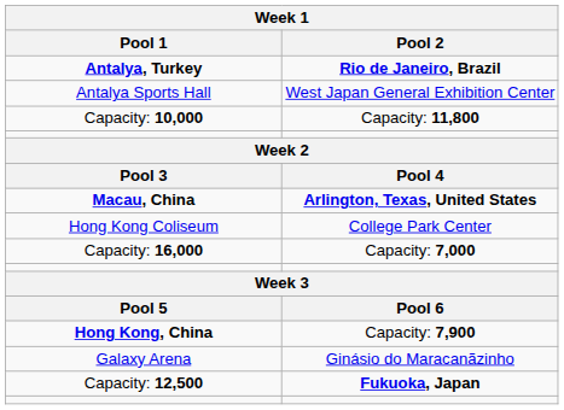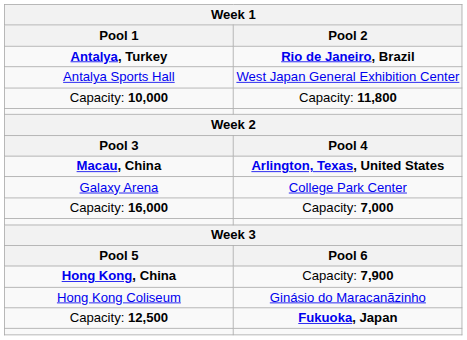 <table class="wikitable" style="text-align:center">
 <tr>
 <th width=100% colspan=2>Week 1</th>
 </tr>
 <tr>
 <th width=50%>Pool 1</th>
 <th width=50%>Pool 2</th>
 </tr>
 <tr>
 <td><strong><a href='#'>Antalya</a>, Turkey</strong></td>
 <td><strong><a href='#'>Rio de Janeiro</a>, Brazil</strong></td>
 </tr>
 <tr>
 <td><a href='#'>Antalya Sports Hall</a></td>
 <td><a href='#'>West Japan General Exhibition Center</a></td>
 </tr>
 <tr>
 <td>Capacity: <strong>10,000</strong></td>
 <td>Capacity: <strong>11,800</strong></td>
 </tr>
 <tr>
 <td></td>
 <td></td>
 </tr>
 <tr>
 <th width=100% colspan=2>Week 2</th>
 </tr>
 <tr>
 <th width=50%>Pool 3</th>
 <th width=50%>Pool 4</th>
 </tr>
 <tr>
 <td><strong><a href='#'>Macau</a>, China</strong></td>
 <td><strong><a href='#'>Arlington, Texas</a>, United States</strong></td>
 </tr>
 <tr>
-<td><a href='#'>Hong Kong Coliseum</a></td>
+<td><a href='#'>Galaxy Arena</a></td>
 <td><a href='#'>College Park Center</a></td>
 </tr>
 <tr>
 <td>Capacity: <strong>16,000</strong></td>
 <td>Capacity: <strong>7,000</strong></td>
 </tr>
 <tr>
 <td></td>
 <td></td>
 </tr>
 <tr>
 <th width=100% colspan=2>Week 3</th>
 </tr>
 <tr>
 <th width=50%>Pool 5</th>
 <th width=50%>Pool 6</th>
 </tr>
 <tr>
 <td><strong><a href='#'>Hong Kong</a>, China</strong></td>
 <td>Capacity: <strong>7,900</strong></td>
 </tr>
 <tr>
-<td><a href='#'>Galaxy Arena</a></td>
+<td><a href='#'>Hong Kong Coliseum</a></td>
 <td><a href='#'>Ginásio do Maracanãzinho</a></td>
 </tr>
 <tr>
 <td>Capacity: <strong>12,500</strong></td>
 <td><strong><a href='#'>Fukuoka</a>, Japan</strong></td>
 </tr>
 <tr>
 <td></td>
 <td></td>
 </tr>
 </table>
